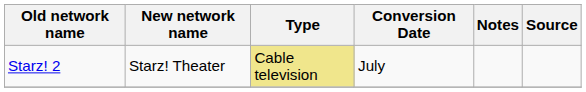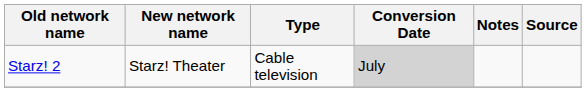 <table class="wikitable">
 <tr>
 <th>Old network name</th>
 <th>New network name</th>
 <th>Type</th>
 <th>Conversion Date</th>
 <th>Notes</th>
 <th>Source</th>
 </tr>
 <tr>
 <td><a href='#'>Starz! 2</a></td>
 <td>Starz! Theater</td>
-<td style="background: khaki;">Cable television</td>
-<td>July</td>
+<td>Cable television</td>
+<td style="background: lightgrey;">July</td>
 <td></td>
 <td></td>
 </tr>
 <tr>
 </tr>
 </table>
